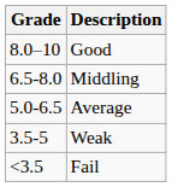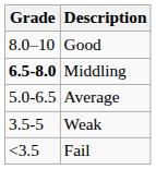 <table class="wikitable">
 <tr>
 <th>Grade</th>
 <th>Description</th>
 </tr>
 <tr>
 <td>8.0–10</td>
 <td>Good</td>
 </tr>
 <tr>
-<td>6.5-8.0</td>
+<td><strong>6.5-8.0</strong></td>
 <td>Middling</td>
 </tr>
 <tr>
 <td>5.0-6.5</td>
 <td>Average</td>
 </tr>
 <tr>
 <td>3.5-5</td>
 <td>Weak</td>
 </tr>
 <tr>
 <td><3.5</td>
 <td>Fail</td>
 </tr>
 </table>
